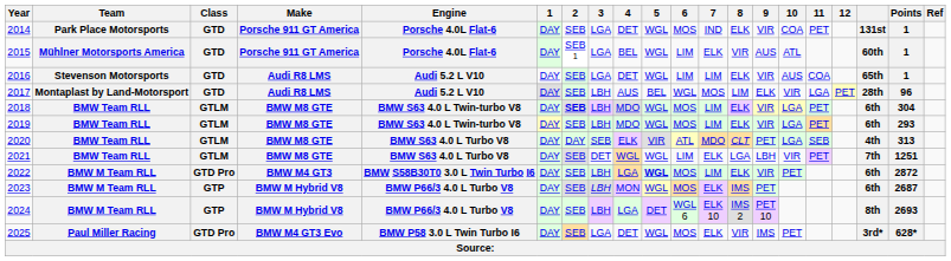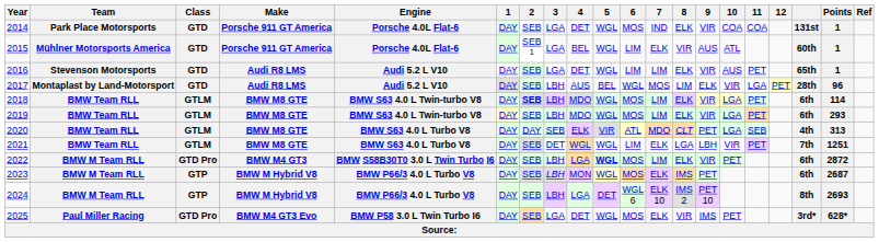 <table class="wikitable" style="text-align:center; font-size:90%">
 <tr>
 <th>Year</th>
 <th>Team</th>
 <th>Class</th>
 <th>Make</th>
 <th>Engine</th>
 <th>1</th>
 <th>2</th>
 <th>3</th>
 <th>4</th>
 <th>5</th>
 <th>6</th>
 <th>7</th>
 <th>8</th>
 <th>9</th>
 <th>10</th>
 <th>11</th>
 <th>12</th>
 <th></th>
 <th>Points</th>
 <th>Ref</th>
 </tr>
 <tr>
 <td><a href='#'>2014</a></td>
 <th>Park Place Motorsports</th>
 <th>GTD</th>
 <th><a href='#'>Porsche 911 GT America</a></th>
 <th><a href='#'>Porsche</a> 4.0L <a href='#'>Flat-6</a></th>
 <td style="background:#DFFFDF;"><a href='#'>DAY</a><br></td>
 <td style="background:#;"><a href='#'>SEB</a> <br></td>
 <td style="background:#;"><a href='#'>LGA</a> <br></td>
 <td style="background:#;"><a href='#'>DET</a> <br></td>
 <td style="background:#;"><a href='#'>WGL</a> <br></td>
 <td style="background:#;"><a href='#'>MOS</a> <br></td>
 <td style="background:#;"><a href='#'>IND</a> <br></td>
 <td style="background:#;"><a href='#'>ELK</a><br></td>
 <td style="background:#;"><a href='#'>VIR</a> <br></td>
 <td style="background:#;"><a href='#'>COA</a><br></td>
-<td style="background:#;"><a href='#'>PET</a><br></td>
+<td style="background:#;"><a href='#'>COA</a><br></td>
 <td></td>
 <th>131st</th>
 <th>1</th>
 <td></td>
 </tr>
 <tr>
 <td><a href='#'>2015</a></td>
 <th><a href='#'>Mühlner Motorsports America</a></th>
 <th>GTD</th>
 <th><a href='#'>Porsche 911 GT America</a></th>
 <th><a href='#'>Porsche</a> 4.0L <a href='#'>Flat-6</a></th>
 <td style="background:#DFFFDF;"><a href='#'>DAY</a><br></td>
 <td style="background:#ffffff;”"><a href='#'>SEB</a><br><sup>1</sup></td>
 <td style="background:#;”"><a href='#'>LGA</a><br></td>
 <td style="background:#;"><a href='#'>BEL</a><br></td>
 <td style="background:#;"><a href='#'>WGL</a><br></td>
 <td style="background:#;"><a href='#'>LIM</a><br></td>
 <td style="background:#;"><a href='#'>ELK</a><br></td>
 <td style="background:#;"><a href='#'>VIR</a><br></td>
 <td style="background:#;"><a href='#'>AUS</a><br></td>
 <td style="background:#;"><a href='#'>ATL</a><br></td>
 <td></td>
 <td></td>
 <th>60th</th>
 <th>1</th>
 <td></td>
 </tr>
 <tr>
 <td><a href='#'>2016</a></td>
 <th>Stevenson Motorsports</th>
 <th>GTD</th>
 <th><a href='#'>Audi R8 LMS</a></th>
 <th><a href='#'>Audi</a> 5.2 L V10</th>
 <td style="background:#;"><a href='#'>DAY</a><br></td>
 <td style="background:#DFFFDF;"><a href='#'>SEB</a><br></td>
 <td style="background:#;"><a href='#'>LGA</a><br></td>
 <td style="background:#;"><a href='#'>DET</a> <br></td>
 <td style="background:#;"><a href='#'>WGL</a><br></td>
 <td style="background:#;"><a href='#'>LIM</a><br></td>
 <td style="background:#;"><a href='#'>LIM</a><br></td>
 <td style="background:#;"><a href='#'>ELK</a><br></td>
 <td style="background:#;"><a href='#'>VIR</a><br></td>
 <td style="background:#;"><a href='#'>AUS</a><br></td>
-<td style="background:#;"><a href='#'>COA</a><br></td>
+<td style="background:#;"><a href='#'>PET</a><br></td>
 <td></td>
 <th>65th</th>
 <th>1</th>
 <td></td>
 </tr>
 <tr>
 <td><a href='#'>2017</a></td>
 <th>Montaplast by Land-Motorsport</th>
 <th>GTD</th>
 <th><a href='#'>Audi R8 LMS</a></th>
 <th><a href='#'>Audi</a> 5.2 L V10</th>
 <td style="background:#DFDFDF;”"><a href='#'>DAY</a><br></td>
 <td style="background:#DFFFDF;"><a href='#'>SEB</a><br></td>
 <td style="background:#;"><a href='#'>LBH</a><br></td>
 <td style="background:#;"><a href='#'>AUS</a><br></td>
 <td style="background:#;"><a href='#'>BEL</a><br></td>
 <td style="background:#;"><a href='#'>WGL</a><br></td>
 <td style="background:#;"><a href='#'>MOS</a><br></td>
 <td style="background:#;"><a href='#'>LIM</a><br></td>
 <td style="background:#;"><a href='#'>ELK</a><br></td>
 <td style="background:#;"><a href='#'>VIR</a><br></td>
 <td style="background:#;"><a href='#'>LGA</a><br></td>
 <td style="background:#FFFFBF;"><a href='#'>PET</a><br></td>
 <th>28th</th>
 <th>96</th>
 <td></td>
 </tr>
 <tr>
 <td><a href='#'>2018</a></td>
 <th><a href='#'>BMW Team RLL</a></th>
 <th>GTLM</th>
 <th><a href='#'>BMW M8 GTE</a></th>
 <th><a href='#'>BMW S63</a> 4.0 L Twin-turbo V8</th>
 <td style="background:#DFFFDF;"><a href='#'>DAY</a><br></td>
 <td style="background:#DFDFDF;"><strong><a href='#'>SEB</a></strong><br></td>
 <td style="background:#EFCFFF;"><a href='#'>LBH</a><br></td>
 <td style="background:#DFDFDF;"><a href='#'>MDO</a><br></td>
 <td style="background:#DFFFDF;"><a href='#'>WGL</a><br></td>
 <td style="background:#DFFFDF;"><a href='#'>MOS</a><br></td>
 <td style="background:#DFFFDF;"><a href='#'>LIM</a><br></td>
 <td style="background:#EFCFFF;"><a href='#'>ELK</a><br></td>
 <td style="background:#FFFFBF;"><a href='#'>VIR</a><br></td>
 <td style="background:#FFFFBF;"><a href='#'>LGA</a><br></td>
 <td style="background:#DFFFDF;"><a href='#'>PET</a><br></td>
 <td></td>
 <th>6th</th>
-<th>304</th>
+<th>114</th>
 <td></td>
 </tr>
 <tr>
 <td><a href='#'>2019</a></td>
 <th><a href='#'>BMW Team RLL</a></th>
 <th>GTLM</th>
 <th><a href='#'>BMW M8 GTE</a></th>
 <th><a href='#'>BMW S63</a> 4.0 L Twin-turbo V8</th>
 <td style="background:#FFFFBF;"><a href='#'>DAY</a><br></td>
 <td style="background:#DFFFDF;"><a href='#'>SEB</a><br></td>
 <td style="background:#DFFFDF;"><a href='#'>LBH</a><br></td>
 <td style="background:#DFFFDF;"><a href='#'>MDO</a><br></td>
 <td style="background:#DFFFDF;"><a href='#'>WGL</a><br></td>
 <td style="background:#DFFFDF;"><a href='#'>MOS</a><br></td>
 <td style="background:#DFFFDF;"><a href='#'>LIM</a><br></td>
 <td style="background:#DFFFDF;"><a href='#'>ELK</a><br></td>
 <td style="background:#DFFFDF;"><a href='#'>VIR</a><br></td>
 <td style="background:#DFFFDF;"><a href='#'>LGA</a><br></td>
 <td style="background:#FFDF9F;"><a href='#'>PET</a><br></td>
 <td></td>
 <th>6th</th>
 <th>293</th>
 <td></td>
 </tr>
 <tr>
 <td><a href='#'>2020</a></td>
 <th><a href='#'>BMW Team RLL</a></th>
 <th>GTLM</th>
 <th><a href='#'>BMW M8 GTE</a></th>
 <th><a href='#'>BMW S63</a> 4.0 L Turbo V8</th>
 <td style="background:#DFFFDF;"><a href='#'>DAY</a><br></td>
 <td style="background:#DFFFDF;"><a href='#'>DAY</a><br></td>
 <td style="background:#DFFFDF;"><a href='#'>SEB</a><br></td>
 <td style="background:#EFCFFF;"><a href='#'>ELK</a><br></td>
 <td style="background:#DFDFDF;"><a href='#'>VIR</a><br></td>
 <td style="background:#FFFFBF;"><a href='#'>ATL</a><br></td>
 <td style="background:#FFDF9F;"><a href='#'>MDO</a><br></td>
 <td style="background:#FFDF9F;"><em><a href='#'>CLT</a></em><br></td>
 <td style="background:#DFFFDF;"><a href='#'>PET</a><br></td>
 <td style="background:#DFFFDF;"><a href='#'>LGA</a><br></td>
 <td style="background:#DFFFDF;"><a href='#'>SEB</a><br></td>
 <td></td>
 <th>4th</th>
 <th>313</th>
 <td></td>
 </tr>
 <tr>
 <td><a href='#'>2021</a></td>
 <th><a href='#'>BMW Team RLL</a></th>
 <th>GTLM</th>
 <th><a href='#'>BMW M8 GTE</a></th>
 <th><a href='#'>BMW S63</a> 4.0 L Turbo V8</th>
 <td style="background:#DFFFDF;"><a href='#'>DAY</a><br></td>
 <td style="background:#DFDFDF;"><a href='#'>SEB</a><br></td>
 <td><a href='#'>DET</a></td>
 <td style="background:#FFDF9F;"><a href='#'>WGL</a><br></td>
 <td><a href='#'>WGL</a></td>
 <td><a href='#'>LIM</a></td>
 <td><a href='#'>ELK</a></td>
 <td><a href='#'>LGA</a></td>
 <td><a href='#'>LBH</a></td>
 <td><a href='#'>VIR</a></td>
 <td style="background:#EFCFFF;"><a href='#'>PET</a><br></td>
 <td></td>
 <th>7th</th>
 <th>1251</th>
 <td></td>
 </tr>
 <tr>
 <td><a href='#'>2022</a></td>
 <th><a href='#'>BMW M Team RLL</a></th>
 <th>GTD Pro</th>
 <th><a href='#'>BMW M4 GT3</a></th>
 <th><a href='#'>BMW</a> <a href='#'>S58B30T0</a> 3.0 L <a href='#'>Twin Turbo</a> <a href='#'>I6</a></th>
 <td style="background:#DFFFDF;"><a href='#'>DAY</a><br></td>
 <td style="background:#DFFFDF;"><a href='#'>SEB</a><br></td>
 <td style="background:#DFFFDF;"><a href='#'>LBH</a><br></td>
 <td style="background:#FFDF9F;"><a href='#'>LGA</a><br></td>
 <td style="background:#DFFFDF;"><strong><a href='#'>WGL</a></strong><br></td>
 <td style="background:#DFFFDF;"><a href='#'>MOS</a><br></td>
 <td style="background:#DFFFDF;"><a href='#'>LIM</a><br></td>
 <td style="background:#DFFFDF;"><a href='#'>ELK</a><br></td>
 <td style="background:#DFFFDF;"><a href='#'>VIR</a><br></td>
 <td style="background:#DFFFDF;"><a href='#'>PET</a><br></td>
 <td></td>
 <td></td>
 <th>6th</th>
 <th>2872</th>
 <td></td>
 </tr>
 <tr>
 <td><a href='#'>2023</a></td>
 <th><a href='#'>BMW M Team RLL</a></th>
 <th>GTP</th>
 <th><a href='#'>BMW M Hybrid V8</a></th>
 <th><a href='#'>BMW P66/3</a> 4.0 L Turbo <a href='#'>V8</a></th>
 <td style="background:#DFFFDF;"><a href='#'>DAY</a><br></td>
 <td style="background:#DFDFDF;”"><a href='#'>SEB</a><br></td>
 <td style="background:#DFDFDF;”"><em><a href='#'>LBH</a><br></em></td>
 <td style="background:#EFCFFF;"><a href='#'>MON</a><br></td>
 <td style="background:#FFFFBF;”"><a href='#'>WGL</a><br></td>
 <td style="background:#FFDF9F;”"><a href='#'>MOS</a><br></td>
 <td style="background:#EFCFFF;"><a href='#'>ELK</a><br></td>
 <td style="background:#FFDF9F;"><a href='#'>IMS</a><br></td>
 <td style="background:#DFFFDF;"><a href='#'>PET</a><br></td>
 <td></td>
 <td></td>
 <td></td>
 <th>6th</th>
 <th>2687</th>
 <td></td>
 </tr>
 <tr>
 <td><a href='#'>2024</a></td>
 <th><a href='#'>BMW M Team RLL</a></th>
 <th>GTP</th>
 <th><a href='#'>BMW M Hybrid V8</a></th>
 <th><a href='#'>BMW P66/3</a> 4.0 L Turbo <a href='#'>V8</a></th>
 <td style="background:#DFFFDF;"><a href='#'>DAY</a><br></td>
 <td style="background:#DFFFDF;"><a href='#'>SEB</a><br></td>
 <td style="background:#EFCFFF;"><a href='#'>LBH</a><br></td>
 <td style="background:#DFFFDF;"><a href='#'>LGA</a><br></td>
 <td style="background:#EFCFFF;"><a href='#'>DET</a><br></td>
 <td style="background:#DFFFDF;"><a href='#'>WGL</a><br>6</td>
 <td style="background:#EFCFFF;"><a href='#'>ELK</a><br>10</td>
 <td style="background:#DFDFDF;"><a href='#'>IMS</a><br>2</td>
 <td style="background:#EFCFFF;"><a href='#'>PET</a><br>10</td>
 <td></td>
 <td></td>
 <td></td>
 <th>8th</th>
 <th>2693</th>
 <td></td>
 </tr>
 <tr>
 <td><a href='#'>2025</a></td>
 <th><a href='#'>Paul Miller Racing</a></th>
 <th>GTD Pro</th>
 <th><a href='#'>BMW M4 GT3 Evo</a></th>
 <th><a href='#'>BMW P58</a> 3.0 L Twin Turbo I6</th>
 <td style="background:#DFFFDF;"><a href='#'>DAY</a><br></td>
 <td style="background:#FFDF9F;"><a href='#'>SEB</a><br></td>
 <td style="background:#;"><a href='#'>LGA</a><br></td>
 <td style="background:#;"><a href='#'>DET</a><br></td>
 <td style="background:#;"><a href='#'>WGL</a><br></td>
 <td style="background:#;"><a href='#'>MOS</a><br></td>
 <td style="background:#;"><a href='#'>ELK</a><br></td>
 <td style="background:#;"><a href='#'>VIR</a><br></td>
 <td style="background:#;"><a href='#'>IMS</a><br></td>
 <td style="background:#;"><a href='#'>PET</a><br></td>
 <td></td>
 <td></td>
 <th>3rd*</th>
 <th>628*</th>
 <td></td>
 </tr>
 <tr>
 <th colspan="20">Source:</th>
 </tr>
 </table>
